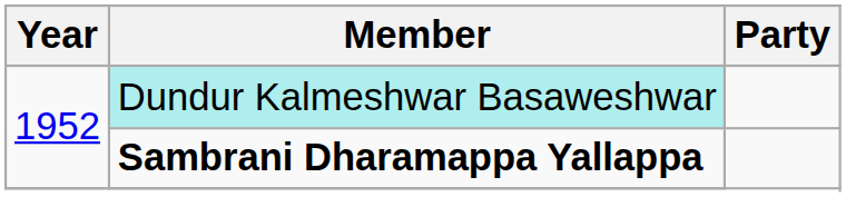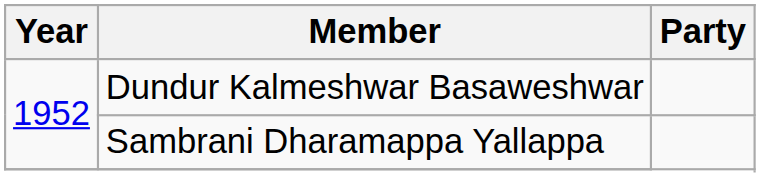 <table class="wikitable sortable">
 <tr>
 <th>Year</th>
 <th>Member</th>
 <th colspan="2">Party</th>
 </tr>
 <tr>
 <td rowspan=2><a href='#'>1952</a></td>
-<td style="background: paleturquoise;">Dundur Kalmeshwar Basaweshwar</td>
+<td>Dundur Kalmeshwar Basaweshwar</td>
 <td></td>
 </tr>
 <tr>
-<td><strong>Sambrani Dharamappa Yallappa</strong></td>
+<td>Sambrani Dharamappa Yallappa</td>
 </tr>
 <tr>
 </tr>
 </table>
